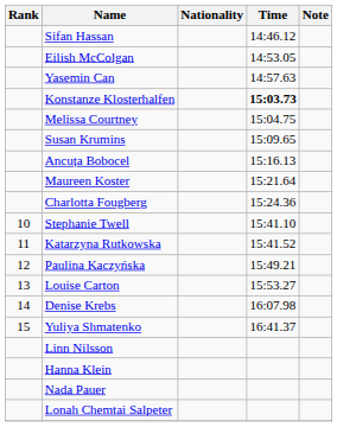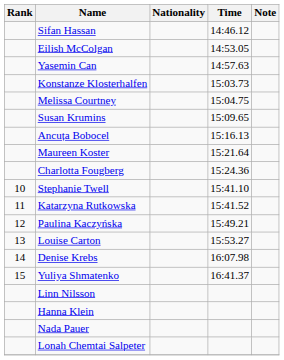 <table class="wikitable sortable" style="text-align:center">
 <tr>
 <th>Rank</th>
 <th>Name</th>
 <th>Nationality</th>
 <th>Time</th>
 <th>Note</th>
 </tr>
 <tr>
 <td></td>
 <td align=left><a href='#'>Sifan Hassan</a></td>
 <td align=left></td>
 <td>14:46.12</td>
 <td><strong></strong></td>
 </tr>
 <tr>
 <td></td>
 <td align=left><a href='#'>Eilish McColgan</a></td>
 <td align=left></td>
 <td>14:53.05</td>
 <td></td>
 </tr>
 <tr>
 <td></td>
 <td align=left><a href='#'>Yasemin Can</a></td>
 <td align=left></td>
 <td>14:57.63</td>
 <td></td>
 </tr>
 <tr>
 <td></td>
 <td align=left><a href='#'>Konstanze Klosterhalfen</a></td>
 <td align=left></td>
-<td><strong>15:03.73</strong></td>
+<td>15:03.73</td>
 <td></td>
 </tr>
 <tr>
 <td></td>
 <td align=left><a href='#'>Melissa Courtney</a></td>
 <td align=left></td>
 <td>15:04.75</td>
 <td></td>
 </tr>
 <tr>
 <td></td>
 <td align=left><a href='#'>Susan Krumins</a></td>
 <td align=left></td>
 <td>15:09.65</td>
 <td></td>
 </tr>
 <tr>
 <td></td>
 <td align=left><a href='#'>Ancuța Bobocel</a></td>
 <td align=left></td>
 <td>15:16.13</td>
 <td></td>
 </tr>
 <tr>
 <td></td>
 <td align=left><a href='#'>Maureen Koster</a></td>
 <td align=left></td>
 <td>15:21.64</td>
 <td></td>
 </tr>
 <tr>
 <td></td>
 <td align=left><a href='#'>Charlotta Fougberg</a></td>
 <td align=left></td>
 <td>15:24.36</td>
 <td></td>
 </tr>
 <tr>
 <td>10</td>
 <td align=left><a href='#'>Stephanie Twell</a></td>
 <td align=left></td>
 <td>15:41.10</td>
 <td></td>
 </tr>
 <tr>
 <td>11</td>
 <td align=left><a href='#'>Katarzyna Rutkowska</a></td>
 <td align=left></td>
 <td>15:41.52</td>
 <td></td>
 </tr>
 <tr>
 <td>12</td>
 <td align=left><a href='#'>Paulina Kaczyńska</a></td>
 <td align=left></td>
 <td>15:49.21</td>
 <td></td>
 </tr>
 <tr>
 <td>13</td>
 <td align=left><a href='#'>Louise Carton</a></td>
 <td align=left></td>
 <td>15:53.27</td>
 <td></td>
 </tr>
 <tr>
 <td>14</td>
 <td align=left><a href='#'>Denise Krebs</a></td>
 <td align=left></td>
 <td>16:07.98</td>
 <td></td>
 </tr>
 <tr>
 <td>15</td>
 <td align=left><a href='#'>Yuliya Shmatenko</a></td>
 <td align=left></td>
 <td>16:41.37</td>
 <td></td>
 </tr>
 <tr>
 <td></td>
 <td align=left><a href='#'>Linn Nilsson</a></td>
 <td align=left></td>
 <td></td>
 <td></td>
 </tr>
 <tr>
 <td></td>
 <td align=left><a href='#'>Hanna Klein</a></td>
 <td align=left></td>
 <td></td>
 <td></td>
 </tr>
 <tr>
 <td></td>
 <td align=left><a href='#'>Nada Pauer</a></td>
 <td align=left></td>
 <td></td>
 <td></td>
 </tr>
 <tr>
 <td></td>
 <td align=left><a href='#'>Lonah Chemtai Salpeter</a></td>
 <td align=left></td>
 <td></td>
 <td></td>
 </tr>
 <tr>
 </tr>
 </table>
